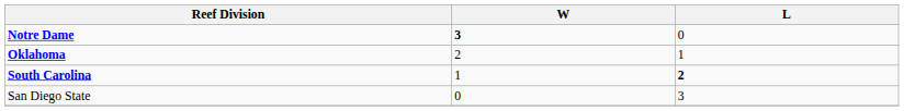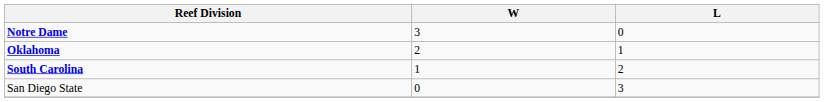 <table class="wikitable">
 <tr>
 <th bgcolor="#DDDDFF" width="10%">Reef Division</th>
 <th bgcolor="#DDDDFF" width="5%">W</th>
 <th bgcolor="#DDDDFF" width="5%">L</th>
 </tr>
 <tr>
 <td><strong><a href='#'>Notre Dame</a></strong></td>
-<td><strong>3</strong></td>
+<td>3</td>
 <td>0</td>
 </tr>
 <tr>
 <td><strong><a href='#'>Oklahoma</a></strong></td>
 <td>2</td>
 <td>1</td>
 </tr>
 <tr>
 <td><strong><a href='#'>South Carolina</a></strong></td>
 <td>1</td>
-<td><strong>2</strong></td>
+<td>2</td>
 </tr>
 <tr>
 <td>San Diego State</td>
 <td>0</td>
 <td>3</td>
 </tr>
 <tr>
 </tr>
 </table>
